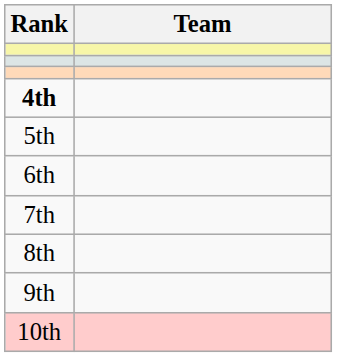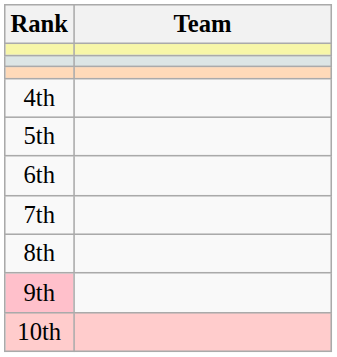 <table class="wikitable" style="text-align:center">
 <tr>
 <th width=30>Rank</th>
 <th width=160>Team</th>
 </tr>
 <tr bgcolor="#F7F6A8">
 <td></td>
 <td align=left></td>
 </tr>
 <tr bgcolor="#DCE5E5">
 <td></td>
 <td align=left></td>
 </tr>
 <tr bgcolor="#FFDAB9">
 <td></td>
 <td align=left></td>
 </tr>
 <tr>
-<td><strong>4th</strong></td>
+<td>4th</td>
 <td align=left></td>
 </tr>
 <tr>
 <td>5th</td>
 <td align=left></td>
 </tr>
 <tr>
 <td>6th</td>
 <td align=left></td>
 </tr>
 <tr>
 <td>7th</td>
 <td align=left></td>
 </tr>
 <tr>
 <td>8th</td>
 <td align=left></td>
 </tr>
 <tr>
-<td>9th</td>
+<td style="background: pink;">9th</td>
 <td align=left></td>
 </tr>
 <tr style="text-align:center; background:#ffcccc;">
 <td>10th</td>
 <td align=left></td>
 </tr>
 </table>
